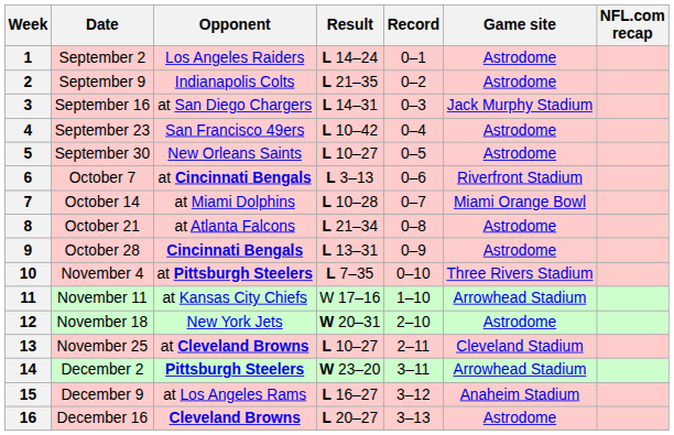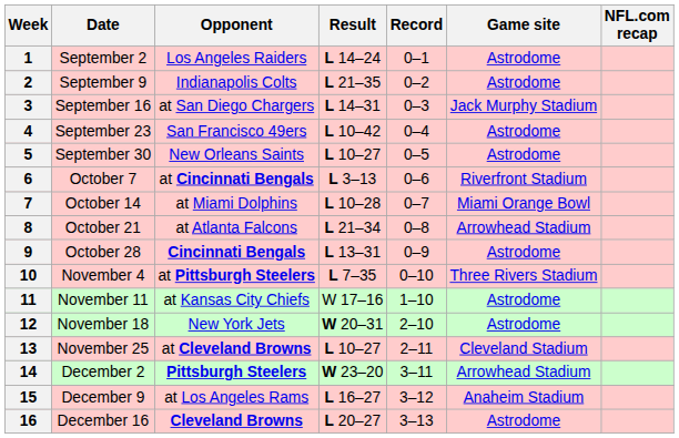 <table class="wikitable" style="text-align:center">
 <tr>
 <th>Week</th>
 <th>Date</th>
 <th>Opponent</th>
 <th>Result</th>
 <th>Record</th>
 <th>Game site</th>
 <th>NFL.com<br>recap</th>
 </tr>
 <tr style="background: #fcc;">
 <th>1</th>
 <td>September 2</td>
 <td><a href='#'>Los Angeles Raiders</a></td>
 <td><strong>L</strong> 14–24</td>
 <td>0–1</td>
 <td><a href='#'>Astrodome</a></td>
 <td></td>
 </tr>
 <tr style="background: #fcc">
 <th>2</th>
 <td>September 9</td>
 <td><a href='#'>Indianapolis Colts</a></td>
 <td><strong>L</strong>  21–35</td>
 <td>0–2</td>
 <td><a href='#'>Astrodome</a></td>
 <td></td>
 </tr>
 <tr style="background: #fcc;">
 <th>3</th>
 <td>September 16</td>
 <td>at <a href='#'>San Diego Chargers</a></td>
 <td><strong>L </strong> 14–31</td>
 <td>0–3</td>
 <td><a href='#'>Jack Murphy Stadium</a></td>
 <td></td>
 </tr>
 <tr style="background: #fcc;">
 <th>4</th>
 <td>September 23</td>
 <td><a href='#'>San Francisco 49ers</a></td>
 <td><strong>L</strong> 10–42</td>
 <td>0–4</td>
 <td><a href='#'>Astrodome</a></td>
 <td></td>
 </tr>
 <tr style="background: #fcc;">
 <th>5</th>
 <td>September 30</td>
 <td><a href='#'>New Orleans Saints</a></td>
 <td><strong>L</strong> 10–27</td>
 <td>0–5</td>
 <td><a href='#'>Astrodome</a></td>
 <td></td>
 </tr>
 <tr style="background: #fcc;">
 <th>6</th>
 <td>October 7</td>
 <td>at <strong><a href='#'>Cincinnati Bengals</a></strong></td>
 <td><strong>L</strong> 3–13</td>
 <td>0–6</td>
 <td><a href='#'>Riverfront Stadium</a></td>
 <td></td>
 </tr>
 <tr style="background: #fcc;">
 <th>7</th>
 <td>October 14</td>
 <td>at <a href='#'>Miami Dolphins</a></td>
 <td><strong>L</strong> 10–28</td>
 <td>0–7</td>
 <td><a href='#'>Miami Orange Bowl</a></td>
 <td></td>
 </tr>
 <tr style="background: #fcc;">
 <th>8</th>
 <td>October 21</td>
 <td>at <a href='#'>Atlanta Falcons</a></td>
 <td><strong>L</strong> 21–34</td>
 <td>0–8</td>
-<td><a href='#'>Astrodome</a></td>
+<td><a href='#'>Arrowhead Stadium</a></td>
 <td></td>
 </tr>
 <tr style="background: #fcc;">
 <th>9</th>
 <td>October 28</td>
 <td><strong><a href='#'>Cincinnati Bengals</a></strong></td>
 <td><strong>L</strong> 13–31</td>
 <td>0–9</td>
 <td><a href='#'>Astrodome</a></td>
 <td></td>
 </tr>
 <tr style="background: #fcc;">
 <th>10</th>
 <td>November 4</td>
 <td>at <strong><a href='#'>Pittsburgh Steelers</a></strong></td>
 <td><strong>L</strong>  7–35</td>
 <td>0–10</td>
 <td><a href='#'>Three Rivers Stadium</a></td>
 <td></td>
 </tr>
 <tr style="background: #cfc;">
 <th>11</th>
 <td>November 11</td>
 <td>at <a href='#'>Kansas City Chiefs</a></td>
 <td>W 17–16</td>
 <td>1–10</td>
-<td><a href='#'>Arrowhead Stadium</a></td>
+<td><a href='#'>Astrodome</a></td>
 <td></td>
 </tr>
 <tr style="background: #cfc;">
 <th>12</th>
 <td>November 18</td>
 <td><a href='#'>New York Jets</a></td>
 <td><strong>W</strong> 20–31</td>
 <td>2–10</td>
 <td><a href='#'>Astrodome</a></td>
 <td></td>
 </tr>
 <tr style="background: #fcc;">
 <th>13</th>
 <td>November 25</td>
 <td>at <strong><a href='#'>Cleveland Browns</a></strong></td>
 <td><strong>L</strong> 10–27</td>
 <td>2–11</td>
 <td><a href='#'>Cleveland Stadium</a></td>
 <td></td>
 </tr>
 <tr style="background: #cfc;">
 <th>14</th>
 <td>December 2</td>
 <td><strong><a href='#'>Pittsburgh Steelers</a></strong></td>
 <td><strong>W</strong>  23–20</td>
 <td>3–11</td>
 <td><a href='#'>Arrowhead Stadium</a></td>
 <td></td>
 </tr>
 <tr style="background: #fcc;">
 <th>15</th>
 <td>December 9</td>
 <td>at <a href='#'>Los Angeles Rams</a></td>
 <td><strong>L</strong> 16–27</td>
 <td>3–12</td>
 <td><a href='#'>Anaheim Stadium</a></td>
 <td></td>
 </tr>
 <tr style="background: #fcc;">
 <th>16</th>
 <td>December 16</td>
 <td><strong><a href='#'>Cleveland Browns</a></strong></td>
 <td><strong>L</strong> 20–27</td>
 <td>3–13</td>
 <td><a href='#'>Astrodome</a></td>
 <td></td>
 </tr>
 </table>
